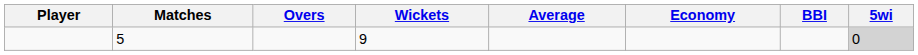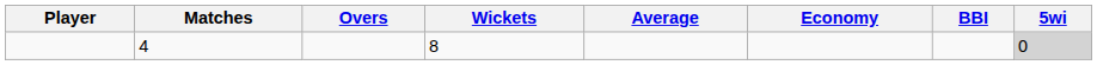 <table class="wikitable sortable" style="width:80%;">
 <tr>
 <th>Player</th>
 <th>Matches</th>
 <th><a href='#'>Overs</a></th>
 <th><a href='#'>Wickets</a></th>
 <th><a href='#'>Average</a></th>
 <th><a href='#'>Economy</a></th>
 <th><a href='#'>BBI</a></th>
 <th><a href='#'>5wi</a></th>
 </tr>
 <tr>
 <td></td>
-<td>5</td>
+<td>4</td>
 <td></td>
-<td>9</td>
+<td>8</td>
 <td></td>
 <td></td>
 <td></td>
 <td style="background: lightgrey;">0</td>
 </tr>
 </table>
